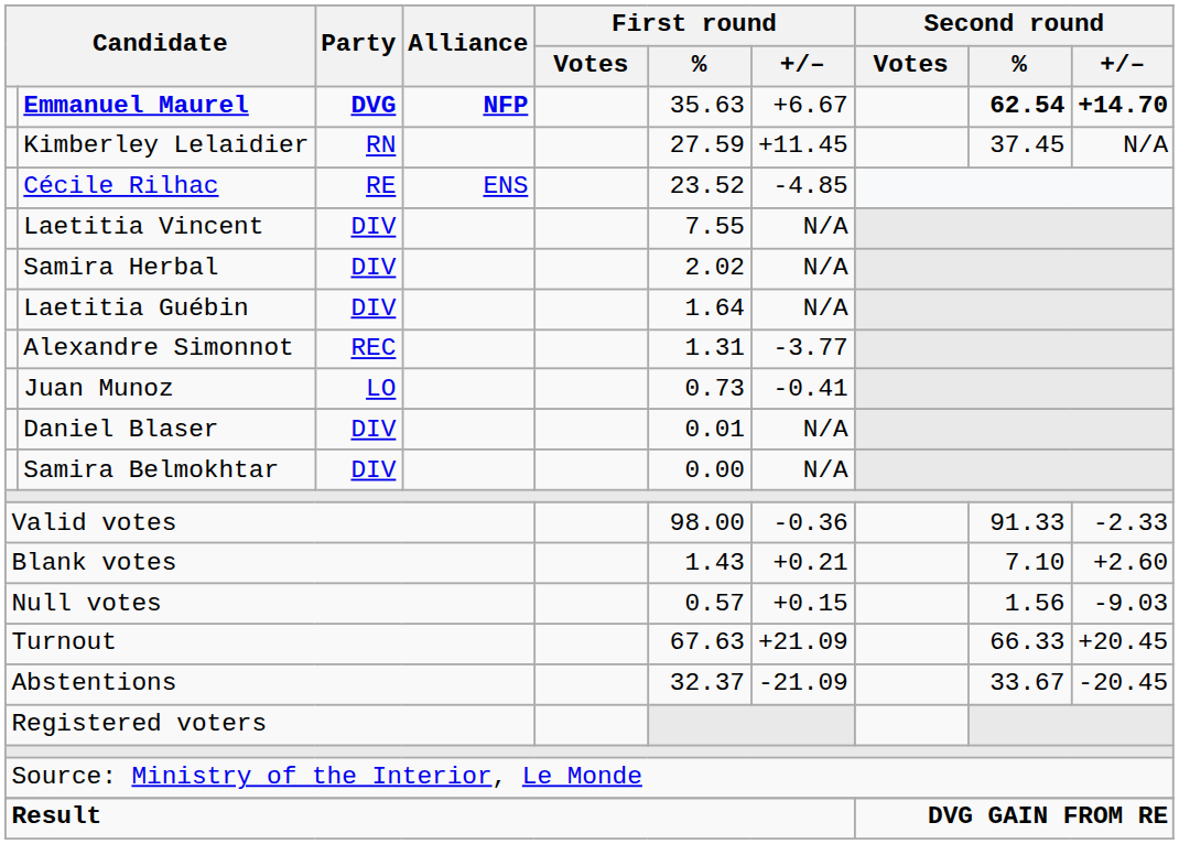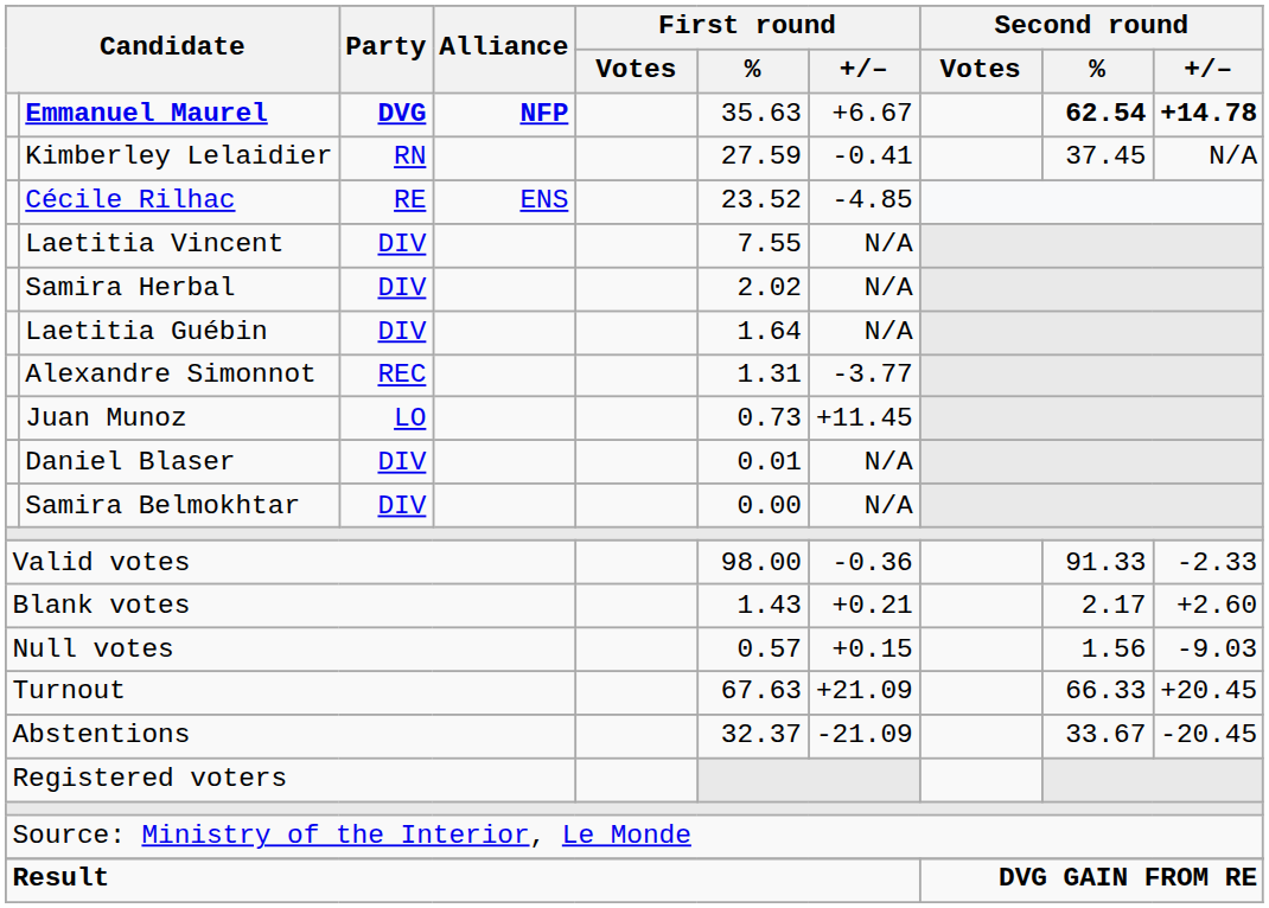 <table class="wikitable" style="text-align:right;font-size:95%;">
 <tr>
 <th rowspan="2" colspan="2">Candidate</th>
 <th rowspan="2">Party</th>
 <th rowspan="2">Alliance</th>
 <th colspan="3">First round</th>
 <th colspan="3">Second round</th>
 </tr>
 <tr>
 <th style="width:50px;">Votes</th>
 <th style="width:45px;">%</th>
 <th style="width:45px;">+/–</th>
 <th style="width:50px;">Votes</th>
 <th style="width:45px;">%</th>
 <th style="width:45px;">+/–</th>
 </tr>
 <tr>
 <td style="color:inherit;background:"></td>
 <td style="text-align:left;"><strong><a href='#'>Emmanuel Maurel</a></strong></td>
 <td><a href='#'><strong>DVG</strong></a></td>
 <td><a href='#'><strong>NFP</strong></a></td>
 <td></td>
 <td>35.63</td>
 <td>+6.67</td>
 <td><strong></strong></td>
 <td><strong>62.54</strong></td>
-<td><strong>+14.70</strong></td>
+<td><strong>+14.78</strong></td>
 </tr>
 <tr>
 <td style="color:inherit;background:"></td>
 <td style="text-align:left;">Kimberley Lelaidier</td>
 <td><a href='#'>RN</a></td>
 <td></td>
 <td></td>
 <td>27.59</td>
-<td>+11.45</td>
+<td>-0.41</td>
 <td></td>
 <td>37.45</td>
 <td>N/A</td>
 </tr>
 <tr>
 <td style="color:inherit;background:"></td>
 <td style="text-align:left;"><a href='#'>Cécile Rilhac</a></td>
 <td><a href='#'>RE</a></td>
 <td><a href='#'>ENS</a></td>
 <td></td>
 <td>23.52</td>
 <td>-4.85</td>
 <td colspan="3" style="background:#F8F9FA;"></td>
 </tr>
 <tr>
 <td style="color:inherit;background:"></td>
 <td style="text-align:left;">Laetitia Vincent</td>
 <td><a href='#'>DIV</a></td>
 <td></td>
 <td></td>
 <td>7.55</td>
 <td>N/A</td>
 <td colspan="3" style="background:#E9E9E9;"></td>
 </tr>
 <tr>
 <td style="color:inherit;background:"></td>
 <td style="text-align:left;">Samira Herbal</td>
 <td><a href='#'>DIV</a></td>
 <td></td>
 <td></td>
 <td>2.02</td>
 <td>N/A</td>
 <td colspan="3" style="background:#E9E9E9;"></td>
 </tr>
 <tr>
 <td style="color:inherit;background:"></td>
 <td style="text-align:left;">Laetitia Guébin</td>
 <td><a href='#'>DIV</a></td>
 <td></td>
 <td></td>
 <td>1.64</td>
 <td>N/A</td>
 <td colspan="3" style="background:#E9E9E9;"></td>
 </tr>
 <tr>
 <td style="color:inherit;background:"></td>
 <td style="text-align:left;">Alexandre Simonnot</td>
 <td><a href='#'>REC</a></td>
 <td></td>
 <td></td>
 <td>1.31</td>
 <td>-3.77</td>
 <td colspan="3" style="background:#E9E9E9;"></td>
 </tr>
 <tr>
 <td style="color:inherit;background:"></td>
 <td style="text-align:left;">Juan Munoz</td>
 <td><a href='#'>LO</a></td>
 <td></td>
 <td></td>
 <td>0.73</td>
-<td>-0.41</td>
+<td>+11.45</td>
 <td colspan="3" style="background:#E9E9E9;"></td>
 </tr>
 <tr>
 <td style="color:inherit;background:"></td>
 <td style="text-align:left;">Daniel Blaser</td>
 <td><a href='#'>DIV</a></td>
 <td></td>
 <td></td>
 <td>0.01</td>
 <td>N/A</td>
 <td colspan="3" style="background:#E9E9E9;"></td>
 </tr>
 <tr>
 <td style="color:inherit;background:"></td>
 <td style="text-align:left;">Samira Belmokhtar</td>
 <td><a href='#'>DIV</a></td>
 <td></td>
 <td></td>
 <td>0.00</td>
 <td>N/A</td>
 <td colspan="3" style="background:#E9E9E9;"></td>
 </tr>
 <tr>
 <td colspan="10" style="background:#E9E9E9;"></td>
 </tr>
 <tr>
 <td colspan="4" style="text-align:left;">Valid votes</td>
 <td></td>
 <td>98.00</td>
 <td>-0.36</td>
 <td></td>
 <td>91.33</td>
 <td>-2.33</td>
 </tr>
 <tr>
 <td colspan="4" style="text-align:left;">Blank votes</td>
 <td></td>
 <td>1.43</td>
 <td>+0.21</td>
 <td></td>
-<td>7.10</td>
+<td>2.17</td>
 <td>+2.60</td>
 </tr>
 <tr>
 <td colspan="4" style="text-align:left;">Null votes</td>
 <td></td>
 <td>0.57</td>
 <td>+0.15</td>
 <td></td>
 <td>1.56</td>
 <td>-9.03</td>
 </tr>
 <tr>
 <td colspan="4" style="text-align:left;">Turnout</td>
 <td></td>
 <td>67.63</td>
 <td>+21.09</td>
 <td></td>
 <td>66.33</td>
 <td>+20.45</td>
 </tr>
 <tr>
 <td colspan="4" style="text-align:left;">Abstentions</td>
 <td></td>
 <td>32.37</td>
 <td>-21.09</td>
 <td></td>
 <td>33.67</td>
 <td>-20.45</td>
 </tr>
 <tr>
 <td colspan="4" style="text-align:left;">Registered voters</td>
 <td></td>
 <td colspan="2" style="background:#E9E9E9;"></td>
 <td></td>
 <td colspan="2" style="background:#E9E9E9;"></td>
 </tr>
 <tr>
 <td colspan="10" style="background:#E9E9E9;"></td>
 </tr>
 <tr>
 <td colspan="10" style="text-align:left;">Source: <a href='#'>Ministry of the Interior</a>, <a href='#'>Le Monde</a></td>
 </tr>
 <tr>
 </tr>
 <tr style="font-weight:bold">
 <td colspan="7" style="text-align:left;">Result</td>
 <td colspan="7" style="background-color:">DVG GAIN FROM RE</td>
 </tr>
 </table>
